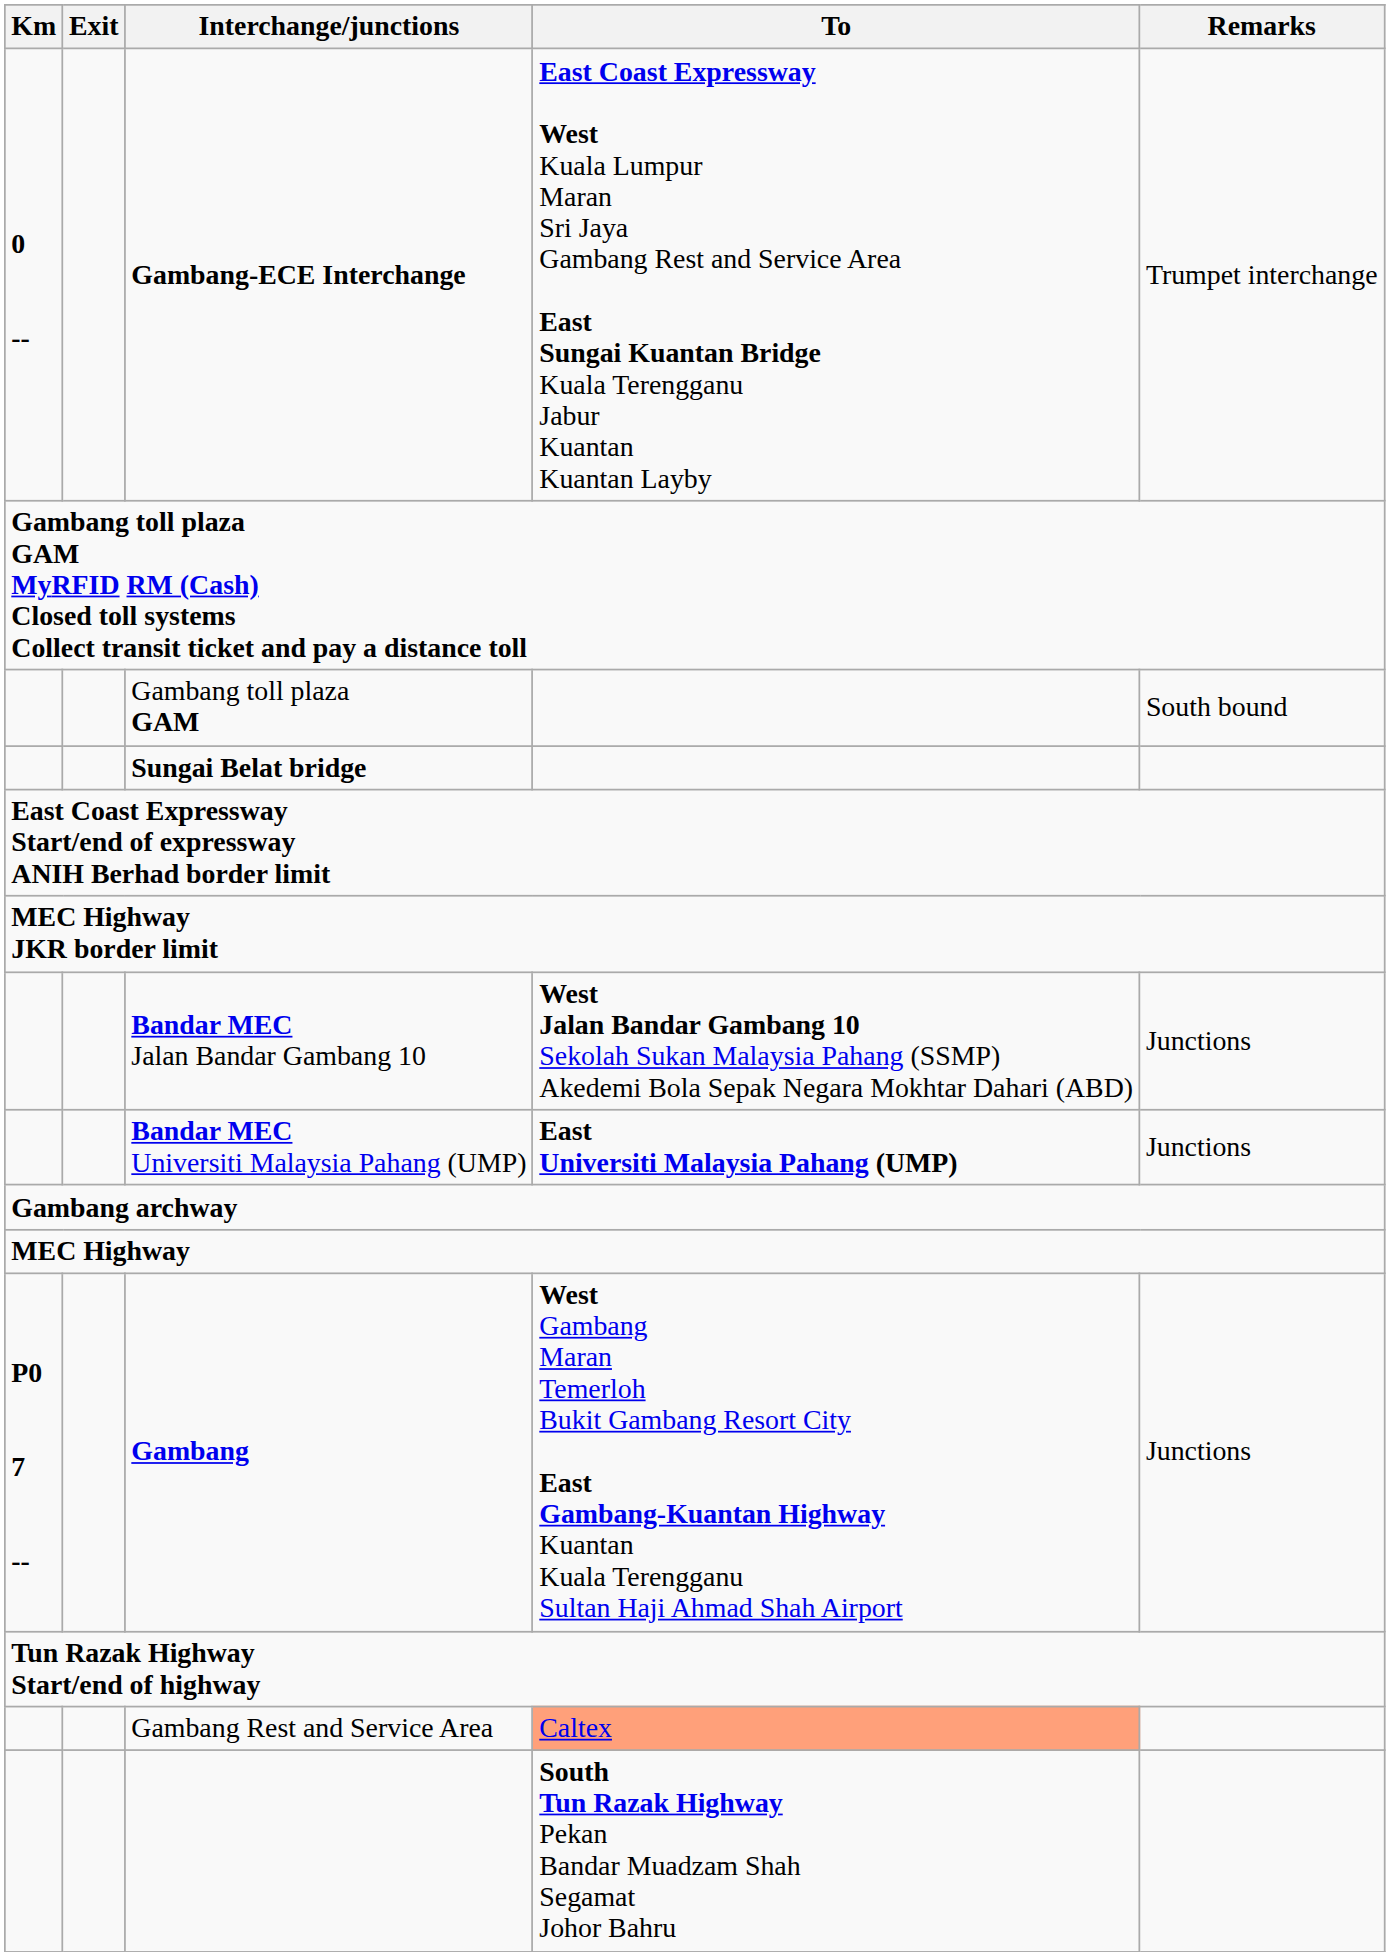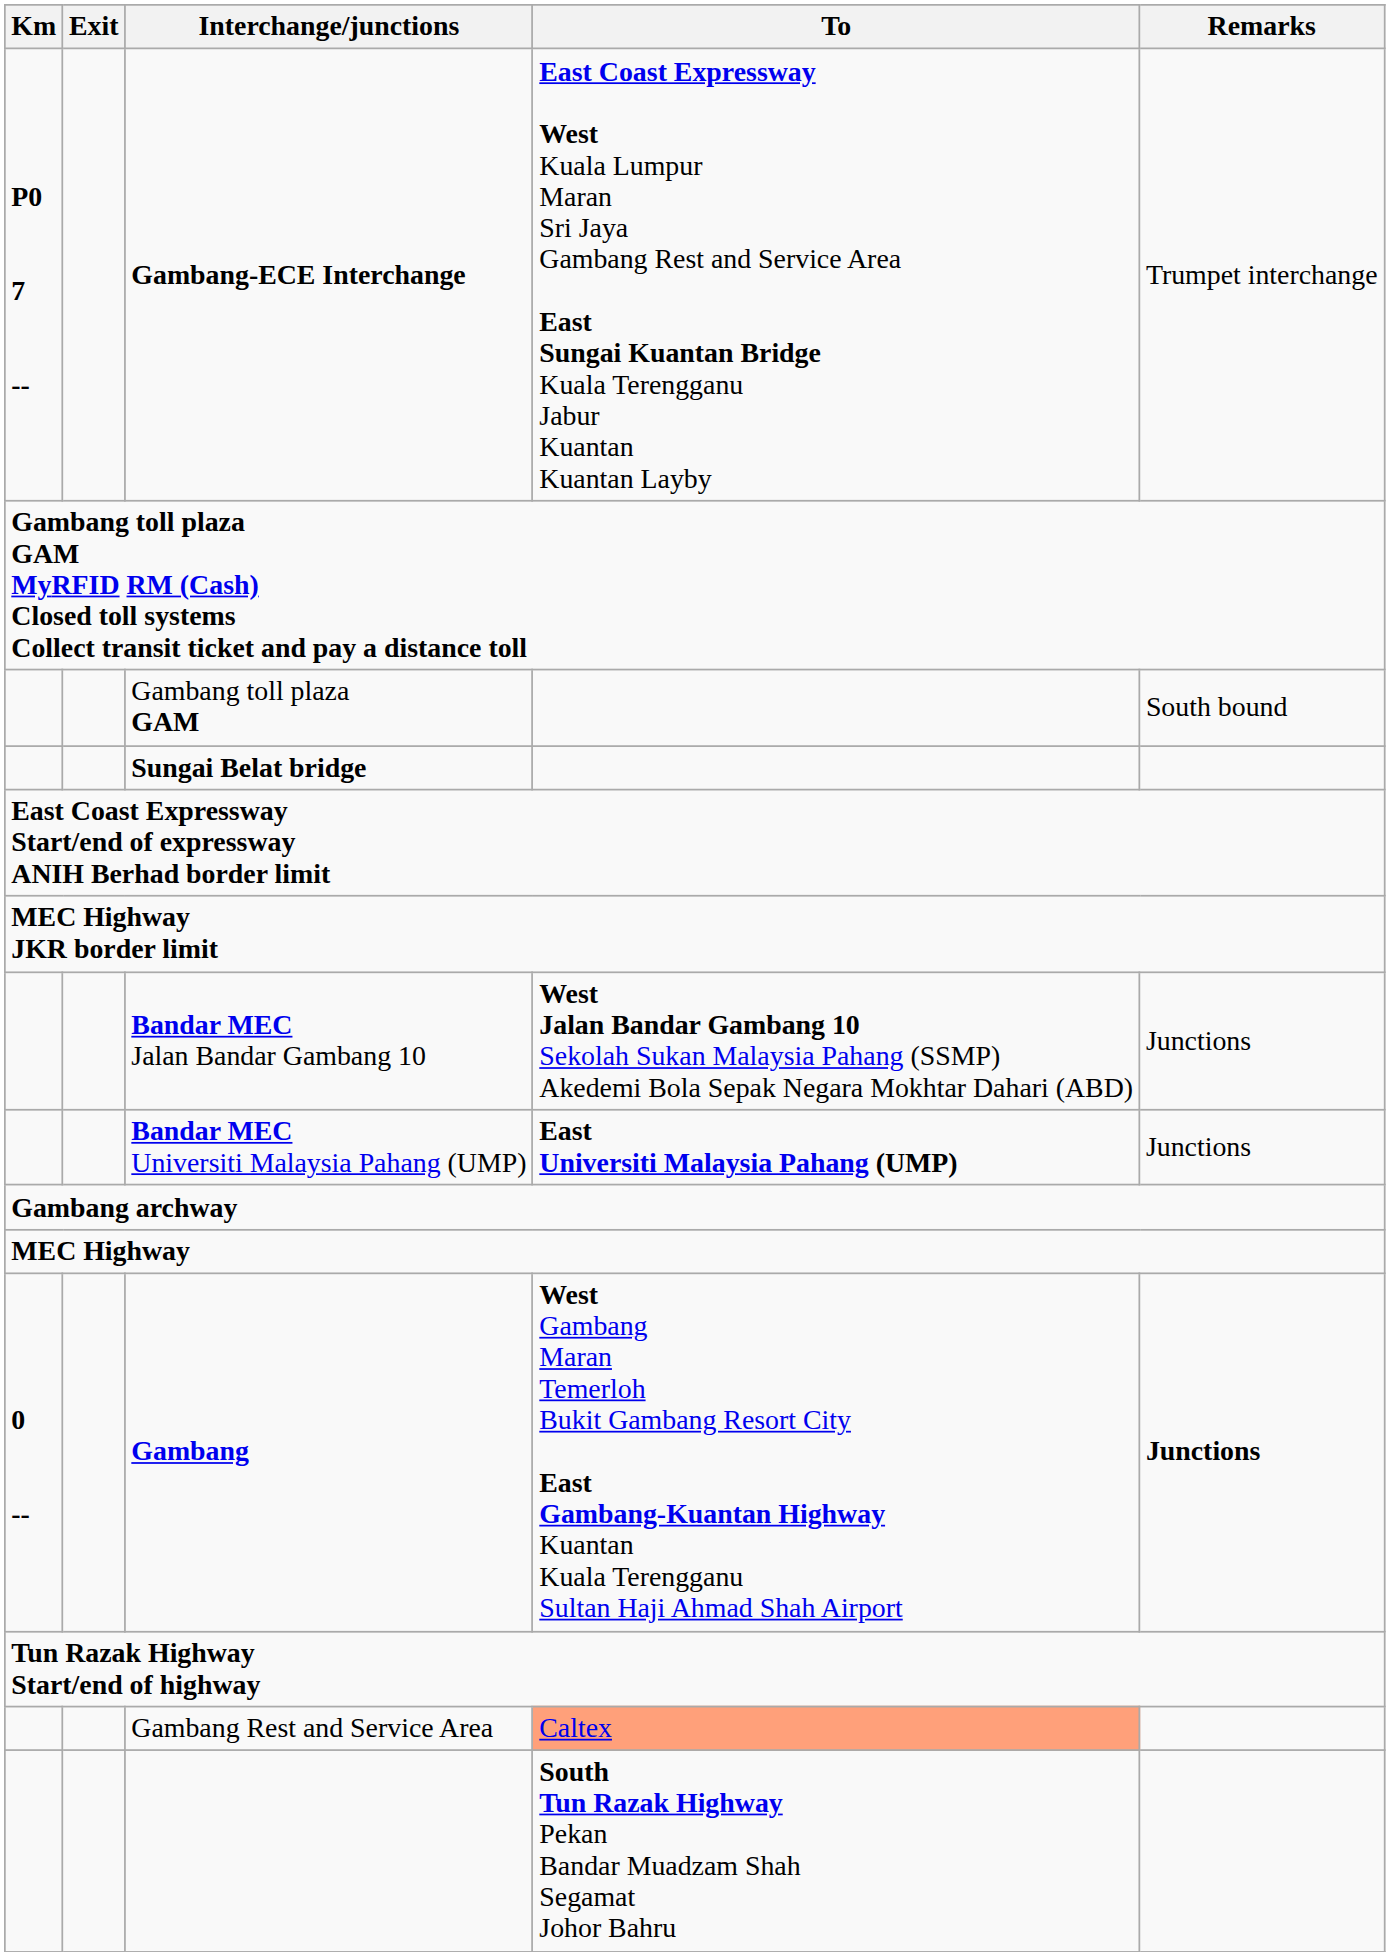 <table class="wikitable">
 <tr>
 <th>Km</th>
 <th>Exit</th>
 <th>Interchange/junctions</th>
 <th>To</th>
 <th>Remarks</th>
 </tr>
 <tr>
-<td><br><strong>0</strong><br><br><br><strong>--</strong></td>
+<td><br><strong>P0</strong><br><br><br><strong>7</strong><br><br><br><strong>--</strong></td>
 <td></td>
 <td><strong>Gambang-ECE Interchange</strong></td>
 <td>  <strong><a href='#'>East Coast Expressway</a></strong><br><br><strong>West</strong><br>Kuala Lumpur<br>Maran<br>Sri Jaya<br> Gambang Rest and Service Area<br><br><strong>East</strong><br><strong>Sungai Kuantan Bridge</strong><br>Kuala Terengganu<br>Jabur<br>Kuantan<br> Kuantan Layby</td>
 <td>Trumpet interchange</td>
 </tr>
 <tr>
 <td style="width:600px" colspan="6" style="text-align:center; background:green;"><strong><span>Gambang toll plaza<br>GAM<br>   <a href='#'><span>My</span><span>RFID</span></a>   <a href='#'><span>RM (Cash)</span></a><br>Closed toll systems<br>Collect transit ticket and pay a distance toll</span></strong></td>
 </tr>
 <tr>
 <td></td>
 <td></td>
 <td> Gambang toll plaza<br><strong>GAM</strong></td>
 <td>    </td>
 <td>South bound</td>
 </tr>
 <tr>
 <td></td>
 <td></td>
 <td><strong>Sungai Belat bridge</strong></td>
 <td></td>
 <td></td>
 </tr>
 <tr>
 <td style="width:600px" colspan="6" style="text-align:center; background:green;"><strong><span>  East Coast Expressway<br>Start/end of expressway<br>ANIH Berhad border limit</span></strong></td>
 </tr>
 <tr>
 <td style="width:600px" colspan="6" style="text-align:center; background:blue;"><strong><span>  MEC Highway<br>JKR border limit</span></strong></td>
 </tr>
 <tr>
 <td></td>
 <td></td>
 <td><strong><a href='#'>Bandar MEC</a></strong><br>Jalan Bandar Gambang 10</td>
 <td><strong>West</strong><br><strong>Jalan Bandar Gambang 10</strong><br><a href='#'>Sekolah Sukan Malaysia Pahang</a> (SSMP)<br>Akedemi Bola Sepak Negara Mokhtar Dahari (ABD)</td>
 <td>Junctions</td>
 </tr>
 <tr>
 <td></td>
 <td></td>
 <td><strong><a href='#'>Bandar MEC</a></strong><br><a href='#'>Universiti Malaysia Pahang</a> (UMP) </td>
 <td><strong>East</strong><br><strong><a href='#'>Universiti Malaysia Pahang</a> (UMP)</strong> </td>
 <td>Junctions</td>
 </tr>
 <tr>
 <td style="width:600px" colspan="6" style="text-align:center; background:yellow;"><strong><span>Gambang archway</span></strong></td>
 </tr>
 <tr>
 <td style="width:600px" colspan="6" style="text-align:center; background:blue;"><strong><span>  MEC Highway</span></strong></td>
 </tr>
 <tr>
-<td><br><strong>P0</strong><br><br><br><strong>7</strong><br><br><br><strong>--</strong></td>
+<td><br><strong>0</strong><br><br><br><strong>--</strong></td>
 <td></td>
 <td><strong><a href='#'>Gambang</a></strong></td>
 <td><strong>West</strong><br> <a href='#'>Gambang</a><br> <a href='#'>Maran</a><br> <a href='#'>Temerloh</a><br> <a href='#'>Bukit Gambang Resort City</a><br><br><strong>East</strong><br> <strong><a href='#'>Gambang-Kuantan Highway</a></strong><br>Kuantan<br>Kuala Terengganu<br><a href='#'>Sultan Haji Ahmad Shah Airport</a> </td>
-<td>Junctions</td>
+<td><strong>Junctions</strong></td>
 </tr>
 <tr>
 <td style="width:600px" colspan="6" style="text-align:center; background:blue;"><strong><span>  Tun Razak Highway<br>Start/end of highway</span></strong></td>
 </tr>
 <tr>
 <td></td>
 <td></td>
 <td> Gambang Rest and Service Area</td>
 <td style="background: lightsalmon;">        <a href='#'>Caltex</a></td>
 <td></td>
 </tr>
 <tr>
 <td></td>
 <td></td>
 <td></td>
 <td><strong>South</strong><br>  <strong><a href='#'>Tun Razak Highway</a></strong><br> Pekan<br>  Bandar Muadzam Shah<br>  Segamat<br>   Johor Bahru</td>
 <td></td>
 </tr>
 </table>
